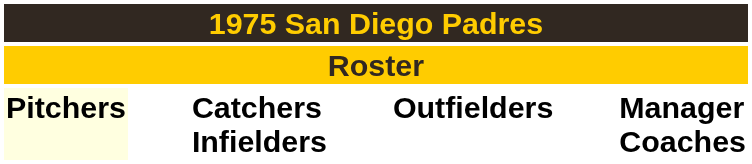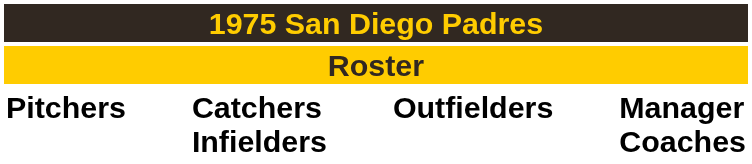 <table class="toccolours" style="font-size: 95%;">
 <tr>
 <th colspan="10" style="background-color: #312821; color: #FFCC00; text-align: center;">1975 San Diego Padres</th>
 </tr>
 <tr>
 <td colspan="10" style="background-color: #FFCC00; color: #312821; text-align: center;"><strong>Roster</strong></td>
 </tr>
 <tr>
-<td valign="top" style="background: lightyellow;"><strong>Pitchers</strong><br>             </td>
+<td valign="top"><strong>Pitchers</strong><br>             </td>
 <td width="25px"></td>
 <td valign="top"><strong>Catchers</strong><br>    <strong>Infielders</strong>           </td>
 <td width="25px"></td>
 <td valign="top"><strong>Outfielders</strong><br>        </td>
 <td width="25px"></td>
 <td valign="top"><strong>Manager</strong><br> <strong>Coaches</strong>    </td>
 </tr>
 </table>
